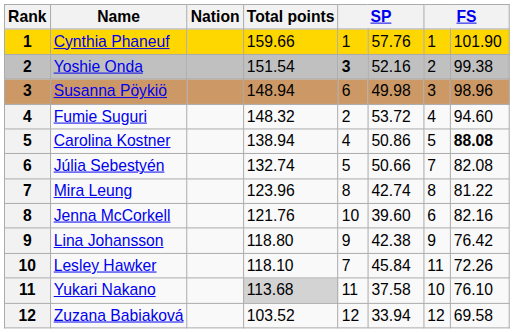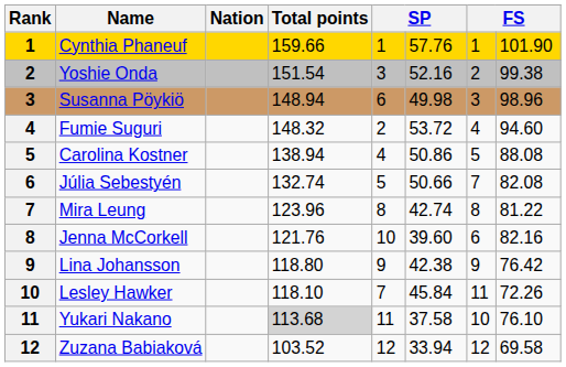 <table class="wikitable">
 <tr>
 <th>Rank</th>
 <th>Name</th>
 <th>Nation</th>
 <th>Total points</th>
 <th colspan="2" width="80px"><a href='#'>SP</a></th>
 <th colspan="2" width="80px"><a href='#'>FS</a></th>
 </tr>
 <tr bgcolor="gold">
 <td align="center"><strong>1</strong></td>
 <td><a href='#'>Cynthia Phaneuf</a></td>
 <td></td>
 <td>159.66</td>
 <td>1</td>
 <td>57.76</td>
 <td>1</td>
 <td>101.90</td>
 </tr>
 <tr bgcolor="silver">
 <td align="center"><strong>2</strong></td>
 <td><a href='#'>Yoshie Onda</a></td>
 <td></td>
 <td>151.54</td>
-<td><strong>3</strong></td>
+<td>3</td>
 <td>52.16</td>
 <td>2</td>
 <td>99.38</td>
 </tr>
 <tr bgcolor="cc9966">
 <td align="center"><strong>3</strong></td>
 <td><a href='#'>Susanna Pöykiö</a></td>
 <td></td>
 <td>148.94</td>
 <td>6</td>
 <td>49.98</td>
 <td>3</td>
 <td>98.96</td>
 </tr>
 <tr>
 <th>4</th>
 <td><a href='#'>Fumie Suguri</a></td>
 <td></td>
 <td>148.32</td>
 <td>2</td>
 <td>53.72</td>
 <td>4</td>
 <td>94.60</td>
 </tr>
 <tr>
 <th>5</th>
 <td><a href='#'>Carolina Kostner</a></td>
 <td></td>
 <td>138.94</td>
 <td>4</td>
 <td>50.86</td>
 <td>5</td>
-<td><strong>88.08</strong></td>
+<td>88.08</td>
 </tr>
 <tr>
 <th>6</th>
 <td><a href='#'>Júlia Sebestyén</a></td>
 <td></td>
 <td>132.74</td>
 <td>5</td>
 <td>50.66</td>
 <td>7</td>
 <td>82.08</td>
 </tr>
 <tr>
 <th>7</th>
 <td><a href='#'>Mira Leung</a></td>
 <td></td>
 <td>123.96</td>
 <td>8</td>
 <td>42.74</td>
 <td>8</td>
 <td>81.22</td>
 </tr>
 <tr>
 <th>8</th>
 <td><a href='#'>Jenna McCorkell</a></td>
 <td></td>
 <td>121.76</td>
 <td>10</td>
 <td>39.60</td>
 <td>6</td>
 <td>82.16</td>
 </tr>
 <tr>
 <th>9</th>
 <td><a href='#'>Lina Johansson</a></td>
 <td></td>
 <td>118.80</td>
 <td>9</td>
 <td>42.38</td>
 <td>9</td>
 <td>76.42</td>
 </tr>
 <tr>
 <th>10</th>
 <td><a href='#'>Lesley Hawker</a></td>
 <td></td>
 <td>118.10</td>
 <td>7</td>
 <td>45.84</td>
 <td>11</td>
 <td>72.26</td>
 </tr>
 <tr>
 <th>11</th>
 <td><a href='#'>Yukari Nakano</a></td>
 <td></td>
 <td style="background: lightgrey;">113.68</td>
 <td>11</td>
 <td>37.58</td>
 <td>10</td>
 <td>76.10</td>
 </tr>
 <tr>
 <th>12</th>
 <td><a href='#'>Zuzana Babiaková</a></td>
 <td></td>
 <td>103.52</td>
 <td>12</td>
 <td>33.94</td>
 <td>12</td>
 <td>69.58</td>
 </tr>
 </table>
